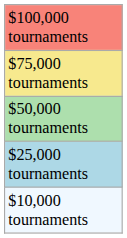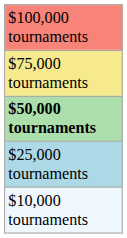 <table class="wikitable" style="font-size:90%;" width=12%>
 <tr bgcolor="#F88379">
 <td>$100,000 tournaments</td>
 </tr>
 <tr bgcolor="#F7E98E">
 <td>$75,000 tournaments</td>
 </tr>
 <tr bgcolor="#ADDFAD">
-<td>$50,000 tournaments</td>
+<td><strong>$50,000 tournaments</strong></td>
 </tr>
 <tr bgcolor=lightblue>
 <td>$25,000 tournaments</td>
 </tr>
 <tr bgcolor="#f0f8ff">
 <td>$10,000 tournaments</td>
 </tr>
 </table>
